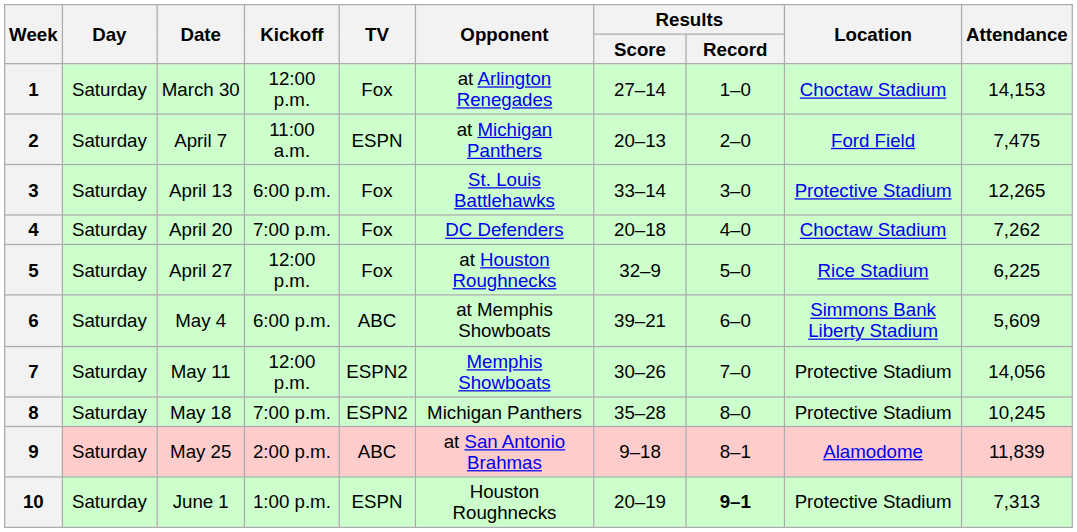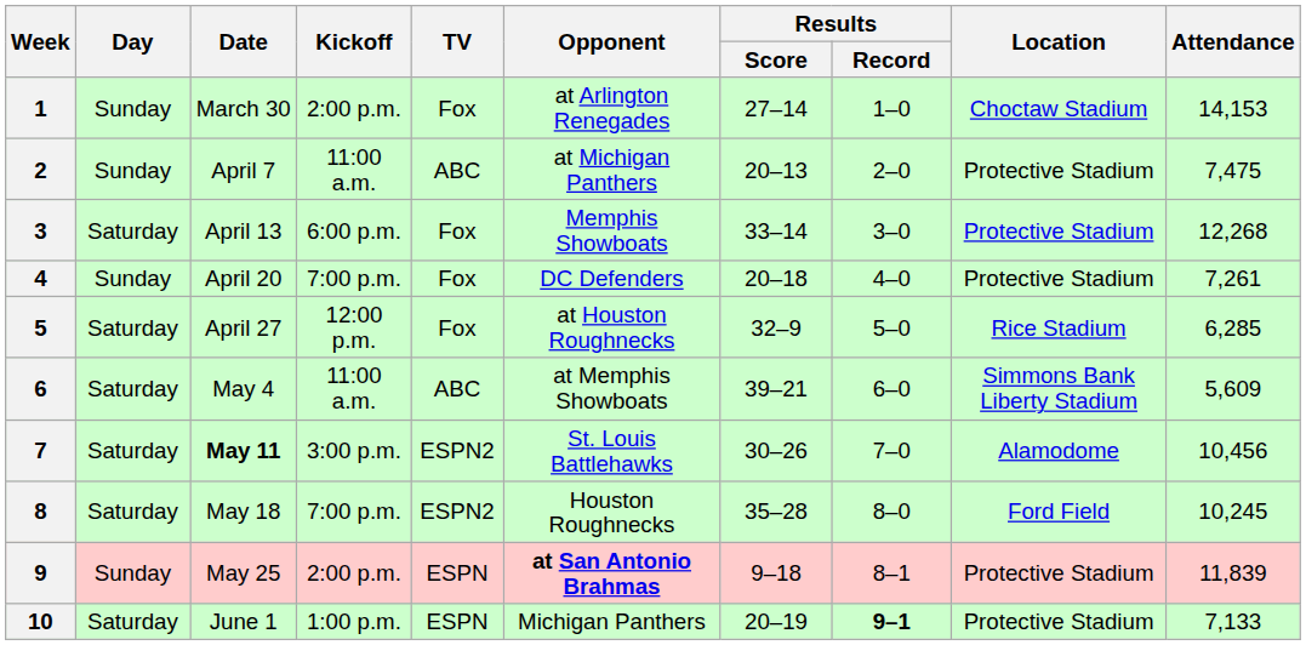 <table class="wikitable" style="text-align:center; font-size: 95%;">
 <tr>
 <th rowspan="2" width="40">Week</th>
 <th rowspan="2" width="80">Day</th>
 <th rowspan="2" width="90">Date</th>
 <th rowspan="2" width="90">Kickoff</th>
 <th rowspan="2" width="60">TV</th>
 <th rowspan="2" width="200">Opponent</th>
 <th colspan="2" width="200">Results</th>
 <th rowspan="2" width="200">Location</th>
 <th rowspan="2">Attendance</th>
 </tr>
 <tr>
 <th width="60">Score</th>
 <th width="60">Record</th>
 </tr>
 <tr style="background:#ccffcc">
 <th>1</th>
-<td>Saturday</td>
+<td>Sunday</td>
 <td>March 30</td>
-<td>12:00 p.m.</td>
+<td>2:00 p.m.</td>
 <td>Fox</td>
 <td>at <a href='#'>Arlington Renegades</a></td>
 <td>27–14</td>
 <td>1–0</td>
 <td><a href='#'>Choctaw Stadium</a></td>
 <td>14,153</td>
 </tr>
 <tr style="background:#ccffcc">
 <th>2</th>
-<td>Saturday</td>
+<td>Sunday</td>
 <td>April 7</td>
 <td>11:00 a.m.</td>
-<td>ESPN</td>
+<td>ABC</td>
 <td>at <a href='#'>Michigan Panthers</a></td>
 <td>20–13</td>
 <td>2–0</td>
-<td><a href='#'>Ford Field</a></td>
+<td>Protective Stadium</td>
 <td>7,475</td>
 </tr>
 <tr style="background:#ccffcc">
 <th>3</th>
 <td>Saturday</td>
 <td>April 13</td>
 <td>6:00 p.m.</td>
 <td>Fox</td>
-<td><a href='#'>St. Louis Battlehawks</a></td>
+<td><a href='#'>Memphis Showboats</a></td>
 <td>33–14</td>
 <td>3–0</td>
 <td><a href='#'>Protective Stadium</a></td>
-<td>12,265</td>
+<td>12,268</td>
 </tr>
 <tr style="background:#ccffcc">
 <th>4</th>
-<td>Saturday</td>
+<td>Sunday</td>
 <td>April 20</td>
 <td>7:00 p.m.</td>
 <td>Fox</td>
 <td><a href='#'>DC Defenders</a></td>
 <td>20–18</td>
 <td>4–0</td>
-<td><a href='#'>Choctaw Stadium</a></td>
-<td>7,262</td>
+<td>Protective Stadium</td>
+<td>7,261</td>
 </tr>
 <tr style="background:#ccffcc">
 <th>5</th>
 <td>Saturday</td>
 <td>April 27</td>
 <td>12:00 p.m.</td>
 <td>Fox</td>
 <td>at <a href='#'>Houston Roughnecks</a></td>
 <td>32–9</td>
 <td>5–0</td>
 <td><a href='#'>Rice Stadium</a></td>
-<td>6,225</td>
+<td>6,285</td>
 </tr>
 <tr style="background:#ccffcc">
 <th>6</th>
 <td>Saturday</td>
 <td>May 4</td>
-<td>6:00 p.m.</td>
+<td>11:00 a.m.</td>
 <td>ABC</td>
 <td>at Memphis Showboats</td>
 <td>39–21</td>
 <td>6–0</td>
 <td><a href='#'>Simmons Bank Liberty Stadium</a></td>
 <td>5,609</td>
 </tr>
 <tr style="background:#ccffcc">
 <th>7</th>
 <td>Saturday</td>
-<td>May 11</td>
-<td>12:00 p.m.</td>
+<td><strong>May 11</strong></td>
+<td>3:00 p.m.</td>
 <td>ESPN2</td>
-<td><a href='#'>Memphis Showboats</a></td>
+<td><a href='#'>St. Louis Battlehawks</a></td>
 <td>30–26</td>
 <td>7–0</td>
-<td>Protective Stadium</td>
-<td>14,056</td>
+<td><a href='#'>Alamodome</a></td>
+<td>10,456</td>
 </tr>
 <tr style="background:#ccffcc">
 <th>8</th>
 <td>Saturday</td>
 <td>May 18</td>
 <td>7:00 p.m.</td>
 <td>ESPN2</td>
-<td>Michigan Panthers</td>
+<td>Houston Roughnecks</td>
 <td>35–28</td>
 <td>8–0</td>
-<td>Protective Stadium</td>
+<td><a href='#'>Ford Field</a></td>
 <td>10,245</td>
 </tr>
 <tr style="background:#ffcccc">
 <th>9</th>
-<td>Saturday</td>
+<td>Sunday</td>
 <td>May 25</td>
 <td>2:00 p.m.</td>
-<td>ABC</td>
-<td>at <a href='#'>San Antonio Brahmas</a></td>
+<td>ESPN</td>
+<td><strong>at <a href='#'>San Antonio Brahmas</a></strong></td>
 <td>9–18</td>
 <td>8–1</td>
-<td><a href='#'>Alamodome</a></td>
+<td>Protective Stadium</td>
 <td>11,839</td>
 </tr>
 <tr style="background:#ccffcc">
 <th>10</th>
 <td>Saturday</td>
 <td>June 1</td>
 <td>1:00 p.m.</td>
 <td>ESPN</td>
-<td>Houston Roughnecks</td>
+<td>Michigan Panthers</td>
 <td>20–19</td>
 <td><strong>9–1</strong></td>
 <td>Protective Stadium</td>
-<td>7,313</td>
+<td>7,133</td>
 </tr>
 </table>
